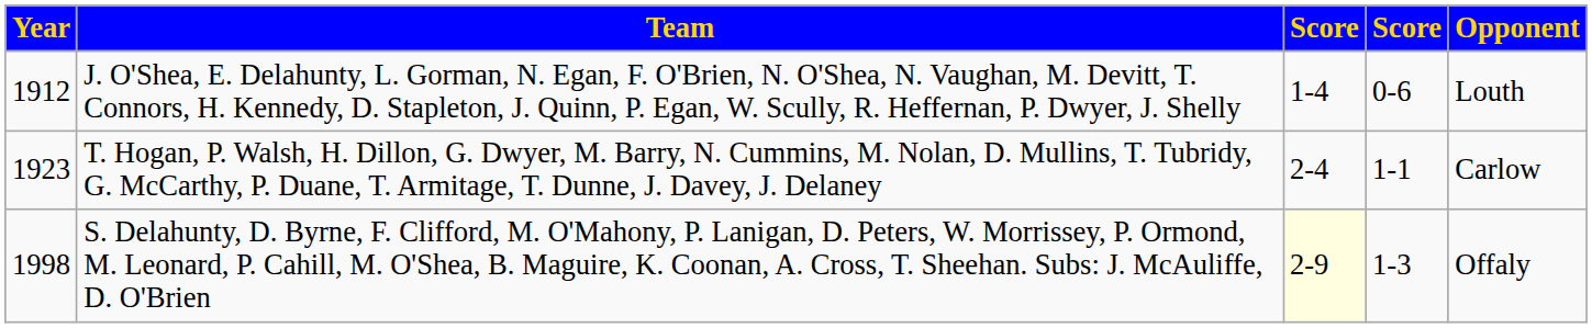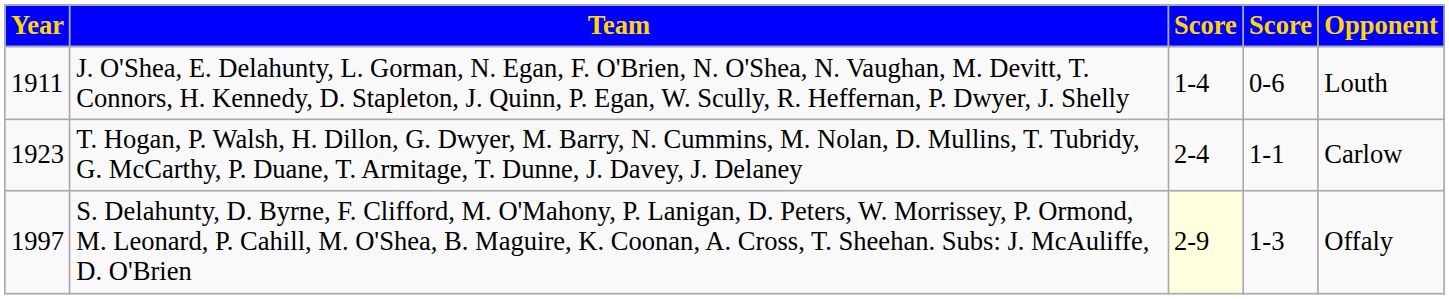 <table class="wikitable">
 <tr style="text-align:center;background:blue;color:gold;">
 <td><strong>Year</strong></td>
 <td><strong>Team</strong></td>
 <td><strong>Score</strong></td>
 <td><strong>Score</strong></td>
 <td><strong>Opponent</strong></td>
 </tr>
 <tr>
-<td>1912</td>
+<td>1911</td>
 <td>J. O'Shea, E. Delahunty, L. Gorman, N. Egan, F. O'Brien, N. O'Shea, N. Vaughan, M. Devitt, T. Connors, H. Kennedy, D. Stapleton, J. Quinn, P. Egan, W. Scully, R. Heffernan, P. Dwyer, J. Shelly</td>
 <td>1-4</td>
 <td>0-6</td>
 <td>Louth</td>
 </tr>
 <tr>
 <td>1923</td>
 <td>T. Hogan, P. Walsh, H. Dillon, G. Dwyer, M. Barry, N. Cummins, M. Nolan, D. Mullins, T. Tubridy, G. McCarthy, P. Duane, T. Armitage, T. Dunne, J. Davey, J. Delaney</td>
 <td>2-4</td>
 <td>1-1</td>
 <td>Carlow</td>
 </tr>
 <tr>
-<td>1998</td>
+<td>1997</td>
 <td>S. Delahunty, D. Byrne, F. Clifford, M. O'Mahony, P. Lanigan, D. Peters, W. Morrissey, P. Ormond, M. Leonard, P. Cahill, M. O'Shea, B. Maguire, K. Coonan, A. Cross, T. Sheehan. Subs: J. McAuliffe, D. O'Brien</td>
 <td style="background: lightyellow;">2-9</td>
 <td>1-3</td>
 <td>Offaly</td>
 </tr>
 </table>
